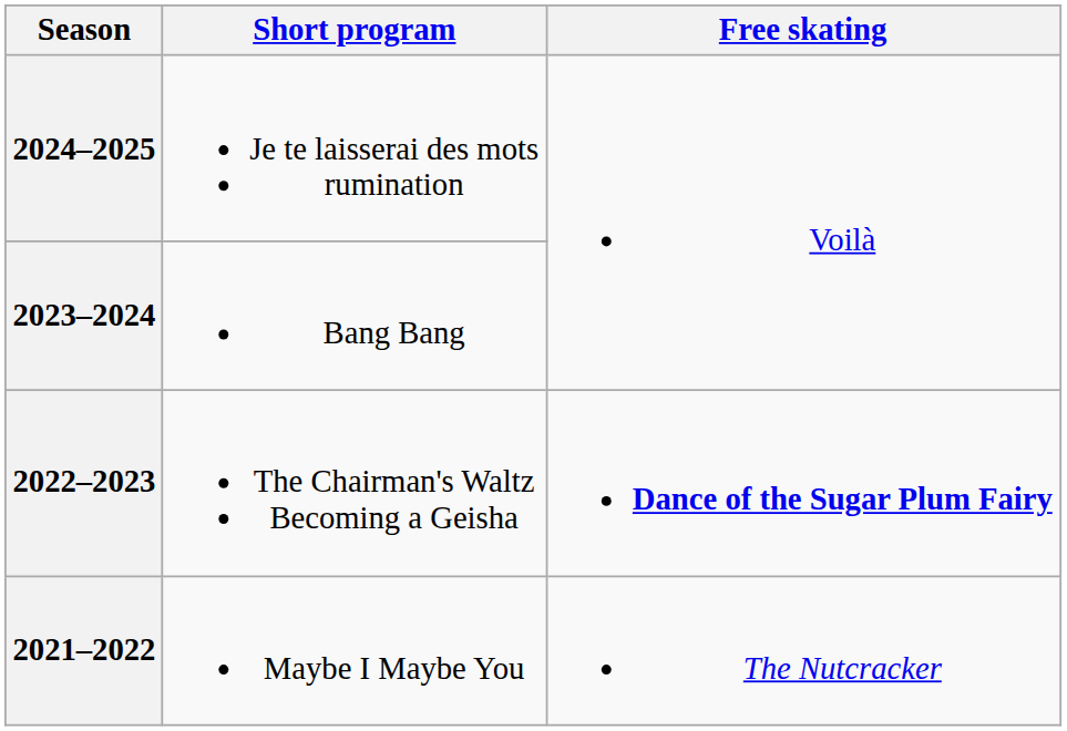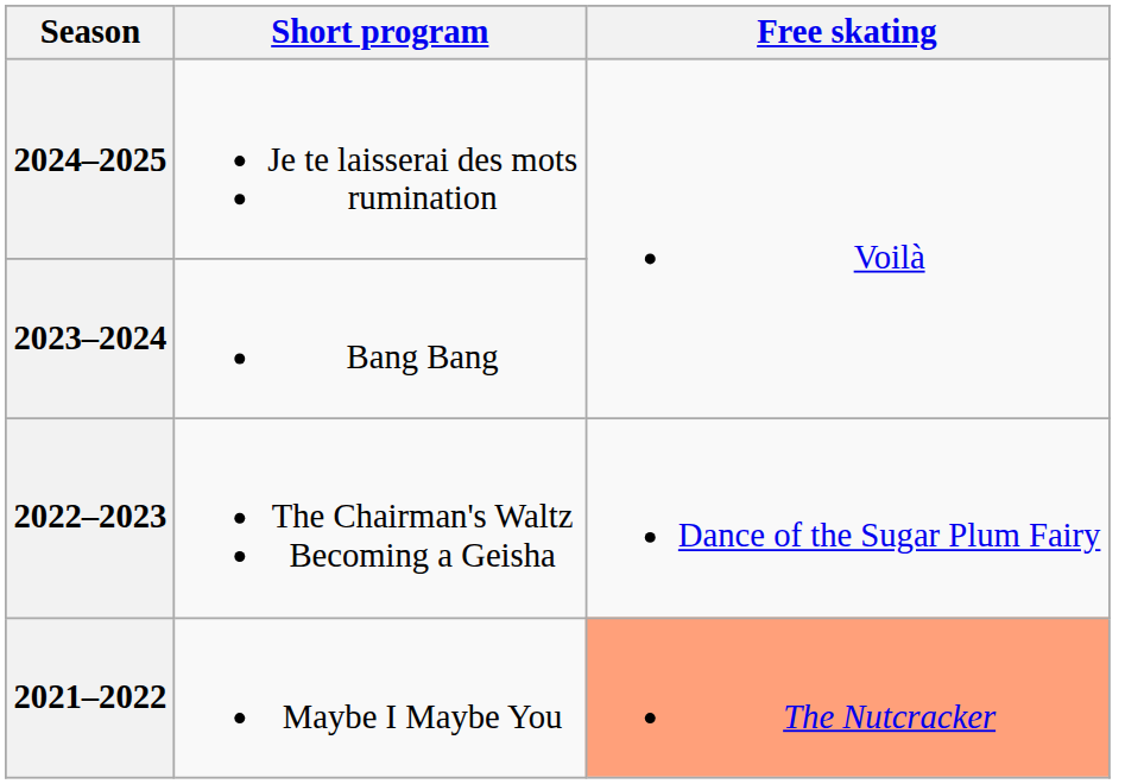 <table class="wikitable" style="text-align:center">
 <tr>
 <th>Season</th>
 <th><a href='#'>Short program</a></th>
 <th><a href='#'>Free skating</a></th>
 </tr>
 <tr>
 <th>2024–2025 <br> </th>
 <td><br><ul><li>Je te laisserai des mots <br> </li><li>rumination <br> </li></ul></td>
 <td rowspan=2><br><ul><li><a href='#'>Voilà</a> <br> </li></ul></td>
 </tr>
 <tr>
 <th>2023–2024 <br> </th>
 <td><br><ul><li>Bang Bang <br> </li></ul></td>
 </tr>
 <tr>
 <th>2022–2023 <br> </th>
 <td><br><ul><li>The Chairman's Waltz</li><li>Becoming a Geisha <br> </li></ul></td>
-<td><strong><br><ul><li><a href='#'>Dance of the Sugar Plum Fairy</a> <br> </li></ul></strong></td>
+<td><br><ul><li><a href='#'>Dance of the Sugar Plum Fairy</a> <br> </li></ul></td>
 </tr>
 <tr>
 <th>2021–2022 <br> </th>
 <td><br><ul><li>Maybe I Maybe You <br> </li></ul></td>
-<td><br><ul><li><em><a href='#'>The Nutcracker</a></em> <br> </li></ul></td>
+<td style="background: lightsalmon;"><br><ul><li><em><a href='#'>The Nutcracker</a></em> <br> </li></ul></td>
 </tr>
 </table>
